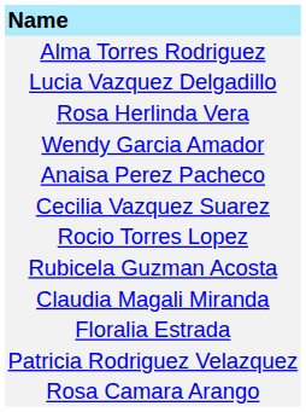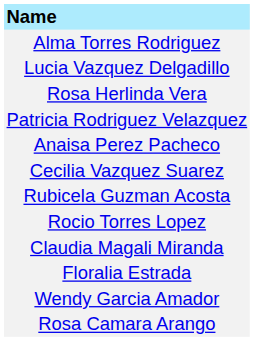 <table border=0 cellpadding=2 cellspacing=0  |- bgcolor=#F2F2F2 style="text-align:center; font-size:90%;">
 <tr bgcolor=#ADEBFD>
 <th align=left>Name</th>
 </tr>
 <tr>
 <td><a href='#'>Alma Torres Rodriguez</a></td>
 </tr>
 <tr>
 <td><a href='#'>Lucia Vazquez Delgadillo</a></td>
 </tr>
 <tr>
 <td><a href='#'>Rosa Herlinda Vera</a></td>
 </tr>
 <tr>
-<td><a href='#'>Wendy Garcia Amador</a></td>
+<td><a href='#'>Patricia Rodriguez Velazquez</a></td>
 </tr>
 <tr>
 <td><a href='#'>Anaisa Perez Pacheco</a></td>
 </tr>
 <tr>
 <td><a href='#'>Cecilia Vazquez Suarez</a></td>
 </tr>
 <tr>
-<td><a href='#'>Rocio Torres Lopez</a></td>
+<td><a href='#'>Rubicela Guzman Acosta</a></td>
 </tr>
 <tr>
-<td><a href='#'>Rubicela Guzman Acosta</a></td>
+<td><a href='#'>Rocio Torres Lopez</a></td>
 </tr>
 <tr>
 <td><a href='#'>Claudia Magali Miranda</a></td>
 </tr>
 <tr>
 <td><a href='#'>Floralia Estrada</a></td>
 </tr>
 <tr>
-<td><a href='#'>Patricia Rodriguez Velazquez</a></td>
+<td><a href='#'>Wendy Garcia Amador</a></td>
 </tr>
 <tr>
 <td><a href='#'>Rosa Camara Arango</a></td>
 </tr>
 </table>
